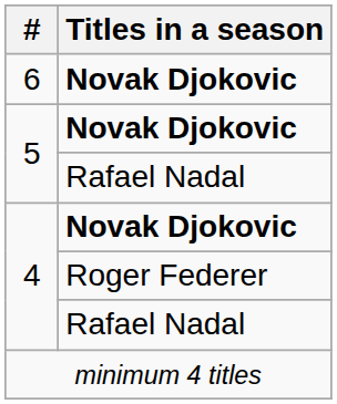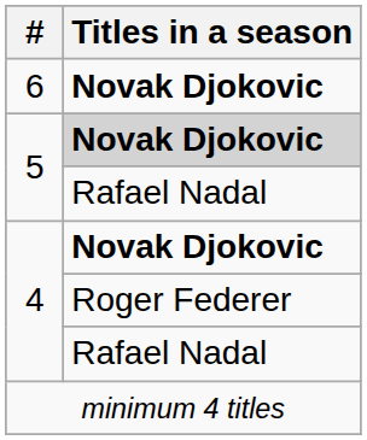 <table class="wikitable" style="display:inline-table;">
 <tr>
 <th width=20>#</th>
 <th>Titles in a season</th>
 </tr>
 <tr>
 <td style="text-align: center;">6</td>
 <td><strong> Novak Djokovic</strong></td>
 </tr>
 <tr>
 <td rowspan="2" style="text-align: center;">5</td>
-<td><strong> Novak Djokovic</strong></td>
+<td style="background: lightgrey;"><strong> Novak Djokovic</strong></td>
 </tr>
 <tr>
 <td> Rafael Nadal</td>
 </tr>
 <tr>
 <td rowspan="3" style="text-align: center;">4</td>
 <td><strong> Novak Djokovic</strong></td>
 </tr>
 <tr>
 <td> Roger Federer</td>
 </tr>
 <tr>
 <td> Rafael Nadal</td>
 </tr>
 <tr>
 <td colspan="3" style="text-align: center;"><small><em>minimum 4 titles</em></small></td>
 </tr>
 </table>
